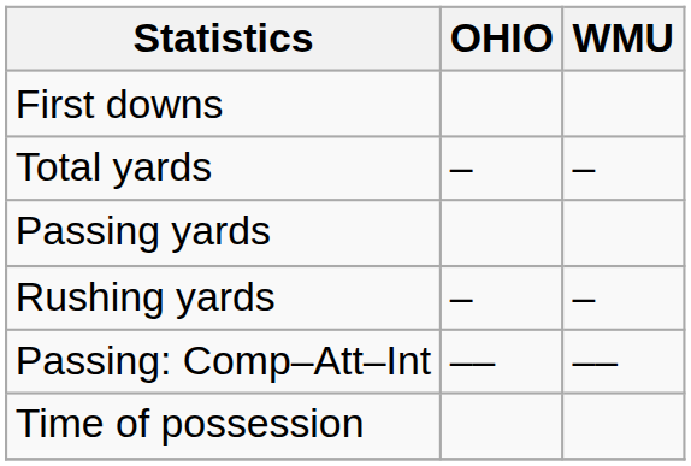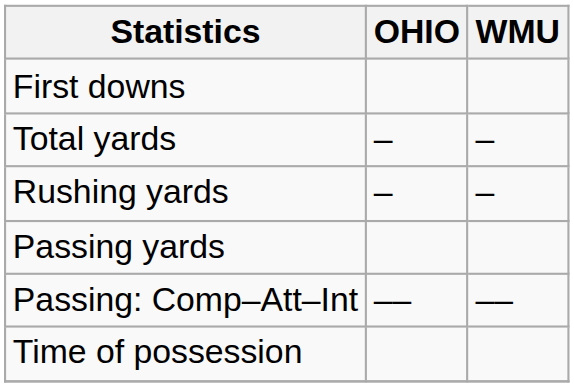 <table class="wikitable" style="float: left;">
 <tr>
 <th>Statistics</th>
 <th>OHIO</th>
 <th>WMU</th>
 </tr>
 <tr>
 <td>First downs</td>
 <td></td>
 <td></td>
 </tr>
 <tr>
 <td>Total yards</td>
 <td>–</td>
 <td>–</td>
 </tr>
 <tr>
+<td>Rushing yards</td>
+<td>–</td>
+<td>–</td>
+</tr>
+<tr>
 <td>Passing yards</td>
 <td></td>
 <td></td>
-</tr>
-<tr>
-<td>Rushing yards</td>
-<td>–</td>
-<td>–</td>
 </tr>
 <tr>
 <td>Passing: Comp–Att–Int</td>
 <td>––</td>
 <td>––</td>
 </tr>
 <tr>
 <td>Time of possession</td>
 <td></td>
 <td></td>
 </tr>
 <tr>
 </tr>
 </table>
